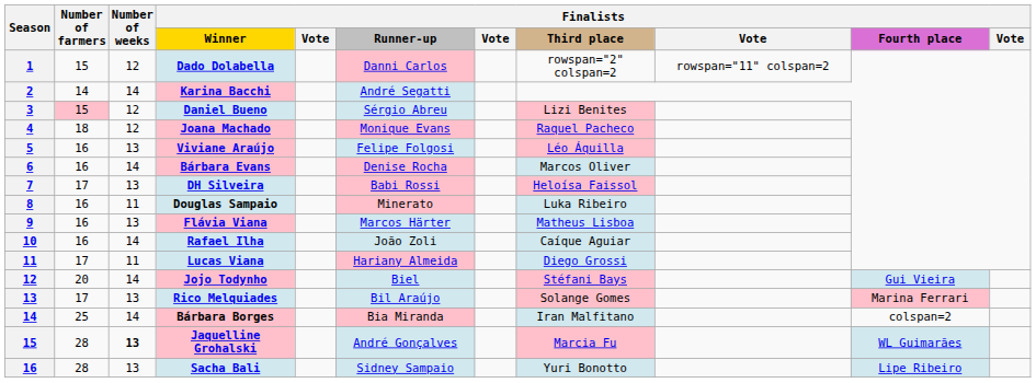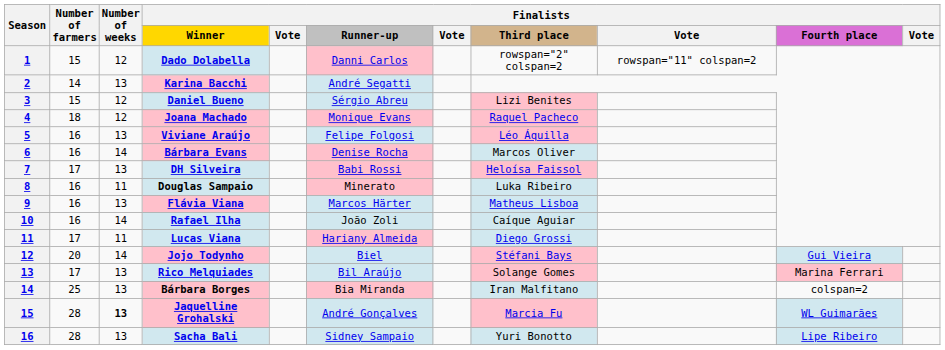 <table class="wikitable" style="text-align:center; width:73%;">
 <tr>
 <th rowspan=2 width=50>Season</th>
 <th rowspan=2 width=15>Number of<br>farmers</th>
 <th rowspan=2 width=15>Number of<br>weeks</th>
 <th colspan=8>Finalists</th>
 </tr>
 <tr>
 <td width=125 bgcolor="FFD700"><strong>Winner</strong></td>
 <th>Vote</th>
 <td width=125 bgcolor="C0C0C0"><strong>Runner-up</strong></td>
 <th>Vote</th>
 <td width=125 bgcolor="D2B48C"><strong>Third place</strong></td>
 <th>Vote</th>
 <td width=125 bgcolor=orchid><strong>Fourth place</strong></td>
 <th>Vote</th>
 </tr>
 <tr>
 <th><a href='#'>1</a></th>
 <td>15</td>
 <td>12</td>
 <td bgcolor="d1e8ef"><strong><a href='#'>Dado Dolabella</a></strong></td>
 <td><br></td>
 <td width="150" style="background:pink;"><a href='#'>Danni Carlos</a></td>
 <td><br></td>
 <td>rowspan="2" colspan=2 <em></em></td>
 <td>rowspan="11" colspan=2 <em></em></td>
 </tr>
 <tr>
 <th><a href='#'>2</a></th>
 <td>14</td>
-<td>14</td>
+<td>13</td>
 <td width="150" style="background:pink;"><strong><a href='#'>Karina Bacchi</a></strong></td>
 <td><br></td>
 <td bgcolor="d1e8ef"><a href='#'>André Segatti</a></td>
 <td><br></td>
 </tr>
 <tr>
 <th><a href='#'>3</a></th>
-<td style="background: pink;">15</td>
+<td>15</td>
 <td>12</td>
 <td bgcolor="d1e8ef"><strong><a href='#'>Daniel Bueno</a></strong></td>
 <td><br></td>
 <td bgcolor="d1e8ef"><a href='#'>Sérgio Abreu</a></td>
 <td><br></td>
 <td width="150" style="background:pink;">Lizi Benites</td>
 <td><br></td>
 </tr>
 <tr>
 <th><a href='#'>4</a></th>
 <td>18</td>
 <td>12</td>
 <td width="150" style="background:pink;"><strong><a href='#'>Joana Machado</a></strong></td>
 <td><br></td>
 <td width="150" style="background:pink;"><a href='#'>Monique Evans</a></td>
 <td><br></td>
 <td width="150" style="background:pink;"><a href='#'>Raquel Pacheco</a></td>
 <td><br></td>
 </tr>
 <tr>
 <th><a href='#'>5</a></th>
 <td>16</td>
 <td>13</td>
 <td width="150" style="background:pink;"><strong><a href='#'>Viviane Araújo</a></strong></td>
 <td><br></td>
 <td bgcolor="d1e8ef"><a href='#'>Felipe Folgosi</a></td>
 <td><br></td>
 <td width="150" style="background:pink;"><a href='#'>Léo Áquilla</a></td>
 <td><br></td>
 </tr>
 <tr>
 <th><a href='#'>6</a></th>
 <td>16</td>
 <td>14</td>
 <td width="150" style="background:pink;"><strong><a href='#'>Bárbara Evans</a></strong></td>
 <td><br></td>
 <td width="150" style="background:pink;"><a href='#'>Denise Rocha</a></td>
 <td><br></td>
 <td bgcolor="d1e8ef">Marcos Oliver</td>
 <td><br></td>
 </tr>
 <tr>
 <th><a href='#'>7</a></th>
 <td>17</td>
 <td>13</td>
 <td bgcolor="d1e8ef"><strong><a href='#'>DH Silveira</a></strong></td>
 <td><br></td>
 <td width="150" style="background:pink;"><a href='#'>Babi Rossi</a></td>
 <td><br></td>
 <td width="150" style="background:pink;"><a href='#'>Heloísa Faissol</a></td>
 <td><br></td>
 </tr>
 <tr>
 <th><a href='#'>8</a></th>
 <td>16</td>
 <td>11</td>
 <td bgcolor="d1e8ef"><strong>Douglas Sampaio</strong></td>
 <td><br></td>
 <td width="150" style="background:pink;"> Minerato</td>
 <td><br></td>
 <td bgcolor="d1e8ef">Luka Ribeiro</td>
 <td><br></td>
 </tr>
 <tr>
 <th><a href='#'>9</a></th>
 <td>16</td>
 <td>13</td>
 <td width="150" style="background:pink;"><strong><a href='#'>Flávia Viana</a></strong></td>
 <td><br></td>
 <td bgcolor="d1e8ef"><a href='#'>Marcos Härter</a></td>
 <td><br></td>
 <td bgcolor="d1e8ef"><a href='#'>Matheus Lisboa</a></td>
 <td><br></td>
 </tr>
 <tr>
 <th><a href='#'>10</a></th>
 <td>16</td>
 <td>14</td>
 <td bgcolor="d1e8ef"><strong><a href='#'>Rafael Ilha</a></strong></td>
 <td><br></td>
 <td bgcolor="d1e8ef">João Zoli</td>
 <td><br></td>
 <td bgcolor="d1e8ef">Caíque Aguiar</td>
 <td><br></td>
 </tr>
 <tr>
 <th><a href='#'>11</a></th>
 <td>17</td>
 <td>11</td>
 <td bgcolor="d1e8ef"><strong><a href='#'>Lucas Viana</a></strong></td>
 <td><br></td>
 <td width="150" style="background:pink;"><a href='#'>Hariany Almeida</a></td>
 <td><br></td>
 <td bgcolor="d1e8ef"><a href='#'>Diego Grossi</a></td>
 <td><br></td>
 </tr>
 <tr>
 <th><a href='#'>12</a></th>
 <td>20</td>
 <td>14</td>
 <td width="150" style="background:pink;"><strong><a href='#'>Jojo Todynho</a></strong></td>
 <td><br></td>
 <td bgcolor="d1e8ef"><a href='#'>Biel</a></td>
 <td><br></td>
 <td width="150" style="background:pink;"><a href='#'>Stéfani Bays</a></td>
 <td><br></td>
 <td bgcolor="d1e8ef"><a href='#'>Gui Vieira</a></td>
 <td><br></td>
 </tr>
 <tr>
 <th><a href='#'>13</a></th>
 <td>17</td>
 <td>13</td>
 <td bgcolor="d1e8ef"><strong><a href='#'>Rico Melquiades</a></strong></td>
 <td><br></td>
 <td bgcolor="d1e8ef"><a href='#'>Bil Araújo</a></td>
 <td><br></td>
 <td width="150" style="background:pink;">Solange Gomes</td>
 <td><br></td>
 <td width="150" style="background:pink;">Marina Ferrari</td>
 <td><br></td>
 </tr>
 <tr>
 <th><a href='#'>14</a></th>
 <td>25</td>
-<td>14</td>
+<td>13</td>
 <td width="150" style="background:pink;"><strong>Bárbara Borges</strong></td>
 <td><br></td>
 <td width="150" style="background:pink;">Bia Miranda</td>
 <td><br></td>
 <td bgcolor="d1e8ef">Iran Malfitano</td>
 <td><br></td>
 <td>colspan=2 <em></em></td>
 </tr>
 <tr>
 <th><a href='#'>15</a></th>
 <td>28</td>
 <td><strong>13</strong></td>
 <td width="150" style="background:pink;"><strong><a href='#'>Jaquelline Grohalski</a></strong></td>
 <td><br></td>
 <td bgcolor="d1e8ef"><a href='#'>André Gonçalves</a></td>
 <td><br></td>
 <td width="150" style="background:pink;"><a href='#'>Marcia Fu</a></td>
 <td><br></td>
 <td bgcolor="d1e8ef"><a href='#'>WL Guimarães</a></td>
 <td><br></td>
 </tr>
 <tr>
 <th><a href='#'>16</a></th>
 <td>28</td>
 <td>13</td>
 <td bgcolor="d1e8ef"><strong><a href='#'>Sacha Bali</a></strong></td>
 <td><br></td>
 <td bgcolor="d1e8ef"><a href='#'>Sidney Sampaio</a></td>
 <td><br></td>
 <td bgcolor="d1e8ef">Yuri Bonotto</td>
 <td><br></td>
 <td bgcolor="d1e8ef"><a href='#'>Lipe Ribeiro</a></td>
 <td><br></td>
 </tr>
 </table>
